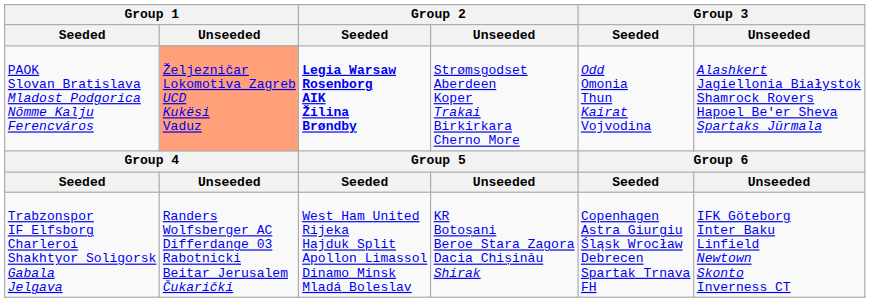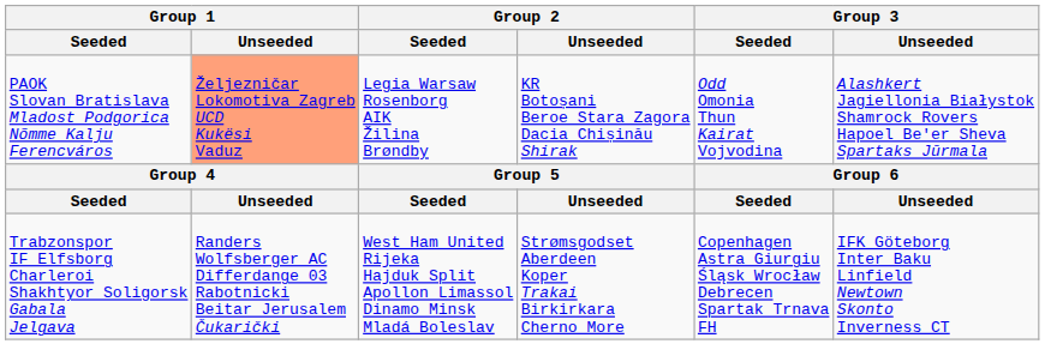 <table class="wikitable" style="font-size:85%">
 <tr>
 <th colspan=2>Group 1</th>
 <th colspan=2>Group 2</th>
 <th colspan=2>Group 3</th>
 </tr>
 <tr>
 <th>Seeded</th>
 <th>Unseeded</th>
 <th>Seeded</th>
 <th>Unseeded</th>
 <th>Seeded</th>
 <th>Unseeded</th>
 </tr>
 <tr>
 <td valign=top><br> <a href='#'>PAOK</a> <br>  <a href='#'>Slovan Bratislava</a> <br>  <em><a href='#'>Mladost Podgorica</a></em> <br>  <em><a href='#'>Nõmme Kalju</a></em> <br>  <em><a href='#'>Ferencváros</a></em> </td>
 <td valign=top style="background: lightsalmon;"><br> <a href='#'>Željezničar</a> <br>  <a href='#'>Lokomotiva Zagreb</a> <br>  <em><a href='#'>UCD</a></em> <br>  <em><a href='#'>Kukësi</a></em> <br>  <a href='#'>Vaduz</a> </td>
-<td valign=top><strong><br> <a href='#'>Legia Warsaw</a> <br>  <a href='#'>Rosenborg</a> <br>  <a href='#'>AIK</a> <br>  <a href='#'>Žilina</a> <br>  <a href='#'>Brøndby</a> </strong></td>
-<td valign=top><br> <a href='#'>Strømsgodset</a> <br>  <a href='#'>Aberdeen</a> <br>  <a href='#'>Koper</a> <br>  <em><a href='#'>Trakai</a></em> <br>  <a href='#'>Birkirkara</a> <br>  <a href='#'>Cherno More</a> </td>
+<td valign=top><br> <a href='#'>Legia Warsaw</a> <br>  <a href='#'>Rosenborg</a> <br>  <a href='#'>AIK</a> <br>  <a href='#'>Žilina</a> <br>  <a href='#'>Brøndby</a> </td>
+<td valign=top><br> <a href='#'>KR</a> <br>  <a href='#'>Botoșani</a> <br>  <a href='#'>Beroe Stara Zagora</a> <br>  <a href='#'>Dacia Chișinău</a> <br>  <em><a href='#'>Shirak</a></em> </td>
 <td valign=top><br> <em><a href='#'>Odd</a></em> <br>  <a href='#'>Omonia</a> <br>  <a href='#'>Thun</a> <br>  <em><a href='#'>Kairat</a></em> <br>  <a href='#'>Vojvodina</a> </td>
 <td valign=top><br> <em><a href='#'>Alashkert</a></em> <br>  <a href='#'>Jagiellonia Białystok</a> <br>  <a href='#'>Shamrock Rovers</a> <br>  <a href='#'>Hapoel Be'er Sheva</a> <br>  <em><a href='#'>Spartaks Jūrmala</a></em> </td>
 </tr>
 <tr>
 <th colspan=2>Group 4</th>
 <th colspan=2>Group 5</th>
 <th colspan=2>Group 6</th>
 </tr>
 <tr>
 <th>Seeded</th>
 <th>Unseeded</th>
 <th>Seeded</th>
 <th>Unseeded</th>
 <th>Seeded</th>
 <th>Unseeded</th>
 </tr>
 <tr>
 <td valign=top><br> <a href='#'>Trabzonspor</a> <br>  <a href='#'>IF Elfsborg</a> <br>  <a href='#'>Charleroi</a> <br>  <a href='#'>Shakhtyor Soligorsk</a> <br>  <em><a href='#'>Gabala</a></em> <br>  <em><a href='#'>Jelgava</a></em> </td>
 <td valign=top><br> <a href='#'>Randers</a> <br>  <a href='#'>Wolfsberger AC</a> <br>  <a href='#'>Differdange 03</a> <br>  <a href='#'>Rabotnicki</a> <br>  <a href='#'>Beitar Jerusalem</a> <br>  <em><a href='#'>Čukarički</a></em> </td>
 <td valign=top><br> <a href='#'>West Ham United</a> <br>  <a href='#'>Rijeka</a> <br>  <a href='#'>Hajduk Split</a> <br>  <a href='#'>Apollon Limassol</a> <br>  <a href='#'>Dinamo Minsk</a> <br>  <a href='#'>Mladá Boleslav</a> </td>
-<td valign=top><br> <a href='#'>KR</a> <br>  <a href='#'>Botoșani</a> <br>  <a href='#'>Beroe Stara Zagora</a> <br>  <a href='#'>Dacia Chișinău</a> <br>  <em><a href='#'>Shirak</a></em> </td>
+<td valign=top><br> <a href='#'>Strømsgodset</a> <br>  <a href='#'>Aberdeen</a> <br>  <a href='#'>Koper</a> <br>  <em><a href='#'>Trakai</a></em> <br>  <a href='#'>Birkirkara</a> <br>  <a href='#'>Cherno More</a> </td>
 <td valign=top><br> <a href='#'>Copenhagen</a> <br>  <a href='#'>Astra Giurgiu</a> <br>  <a href='#'>Śląsk Wrocław</a> <br>  <a href='#'>Debrecen</a> <br>  <a href='#'>Spartak Trnava</a> <br>  <a href='#'>FH</a> </td>
 <td valign=top><br> <a href='#'>IFK Göteborg</a> <br>  <a href='#'>Inter Baku</a> <br>  <a href='#'>Linfield</a> <br>  <em><a href='#'>Newtown</a></em> <br>  <em><a href='#'>Skonto</a></em> <br>  <a href='#'>Inverness CT</a> </td>
 </tr>
 </table>
